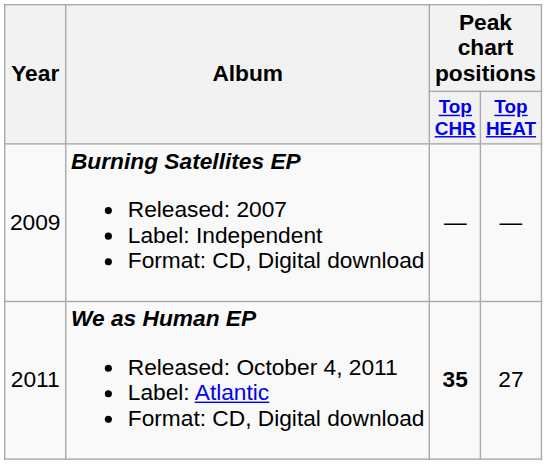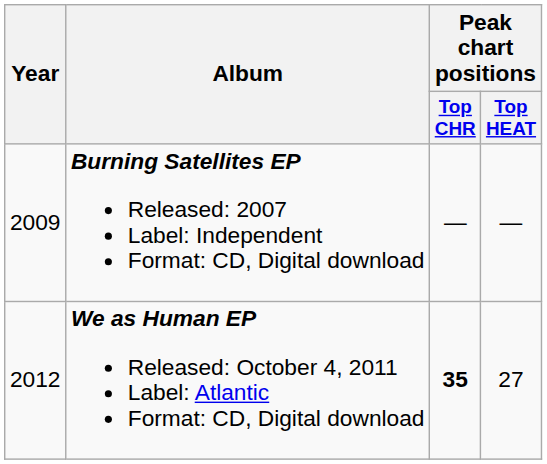 <table class="wikitable" style="text-align:center;">
 <tr>
 <th rowspan="2">Year</th>
 <th rowspan="2">Album</th>
 <th colspan="3">Peak chart positions</th>
 </tr>
 <tr style="font-size:smaller;">
 <th style="width:20px;"><a href='#'>Top<br>CHR</a></th>
 <th style="width:20px;"><a href='#'>Top<br>HEAT</a></th>
 </tr>
 <tr>
 <td>2009</td>
 <td style="text-align:left;"><strong><em>Burning Satellites EP</em></strong><br><ul><li>Released: 2007</li><li>Label: Independent</li><li>Format: CD, Digital download</li></ul></td>
 <td>—</td>
 <td>—</td>
 </tr>
 <tr>
-<td>2011</td>
+<td>2012</td>
 <td style="text-align:left;"><strong><em>We as Human EP</em></strong><br><ul><li>Released: October 4, 2011</li><li>Label: <a href='#'>Atlantic</a></li><li>Format: CD, Digital download</li></ul></td>
 <td><strong>35</strong></td>
 <td>27</td>
 </tr>
 </table>
